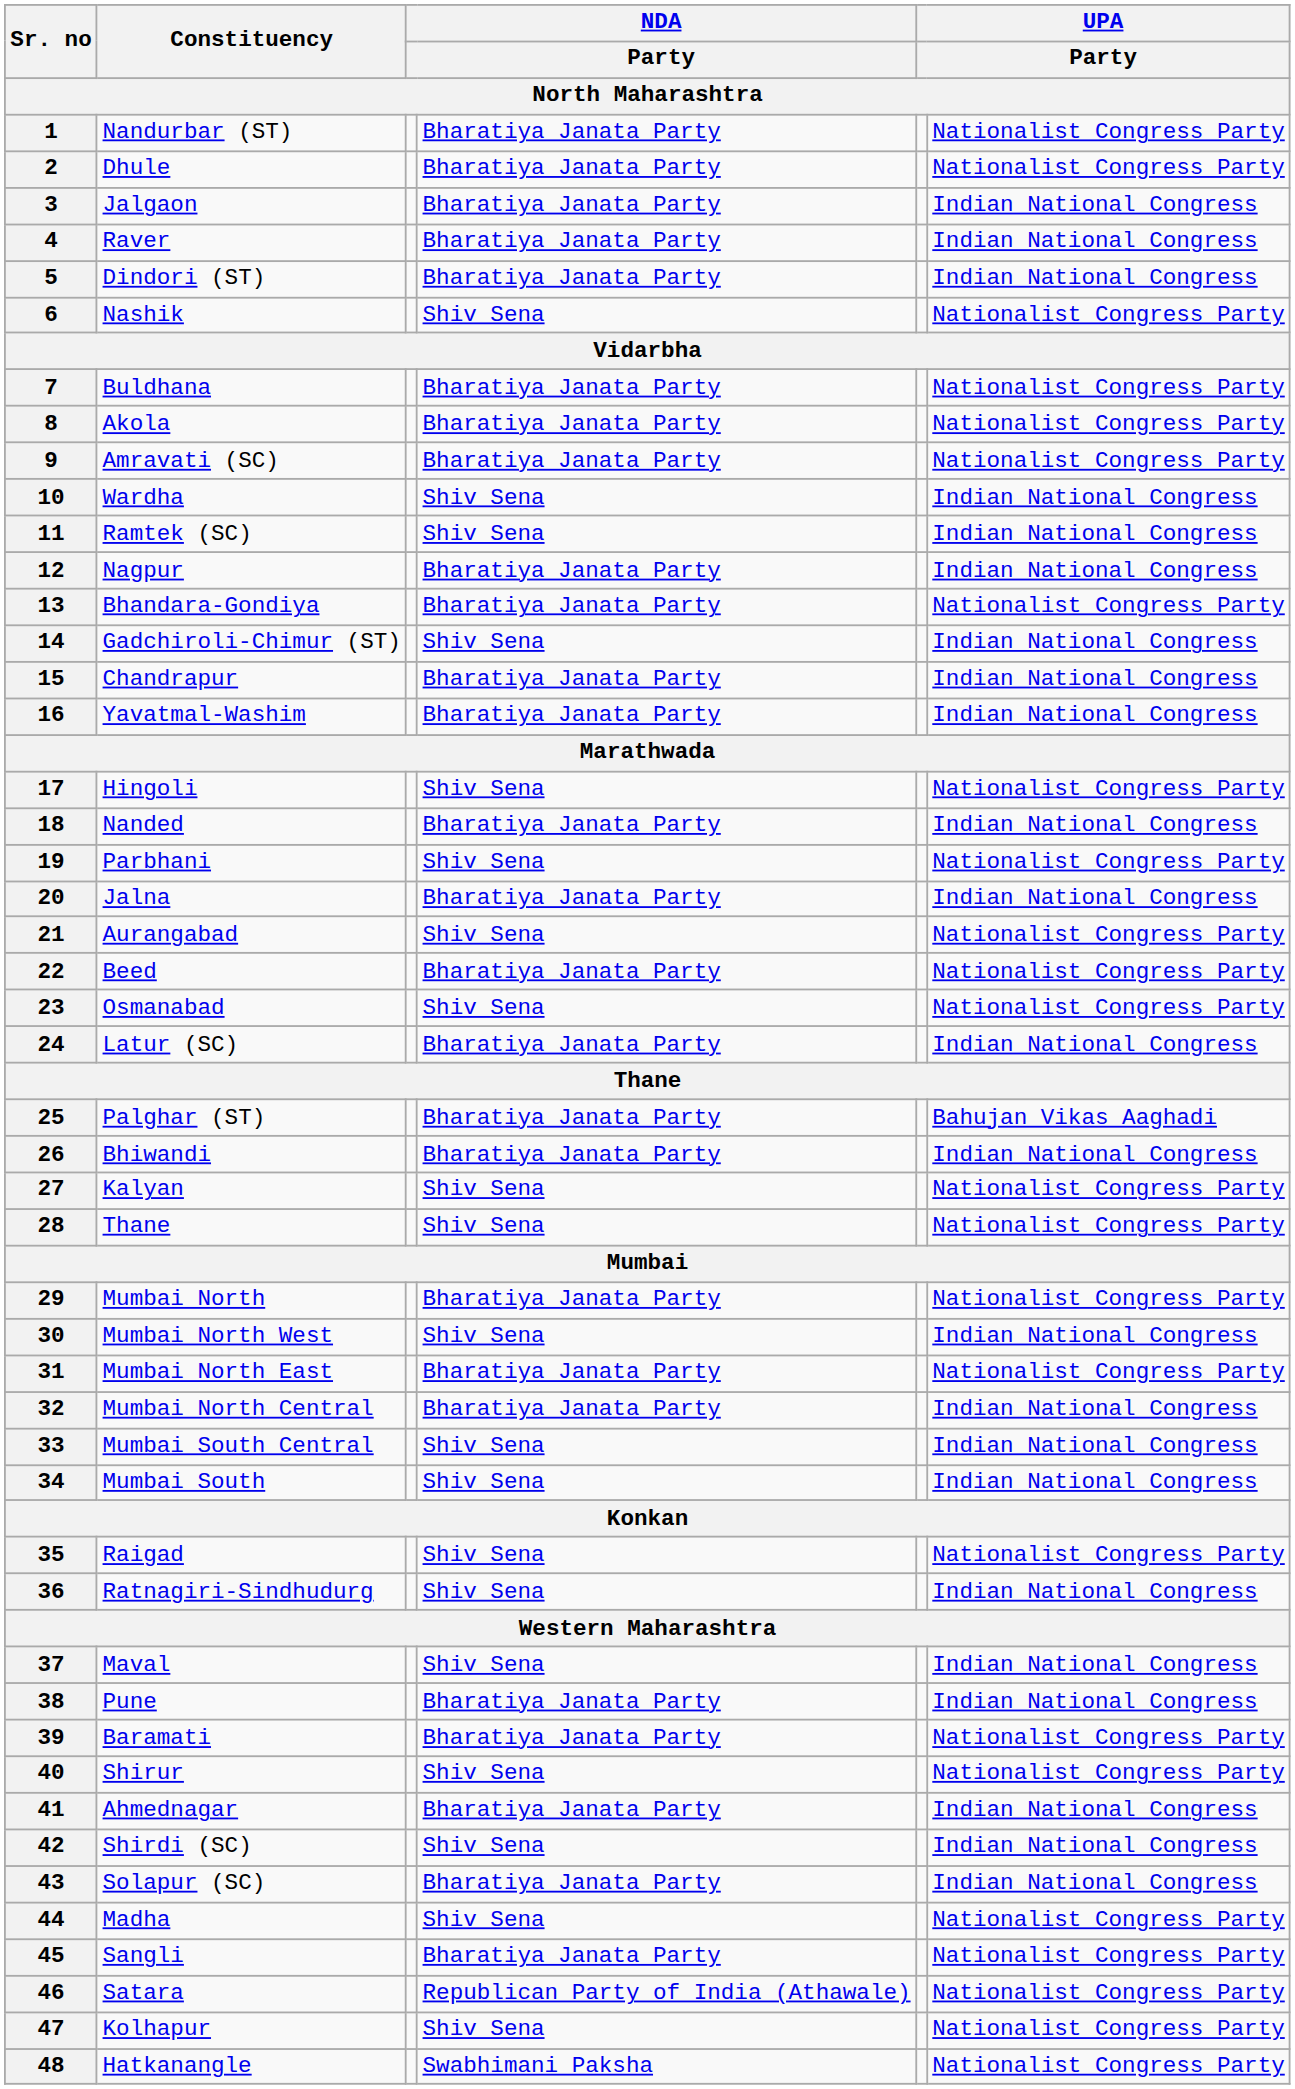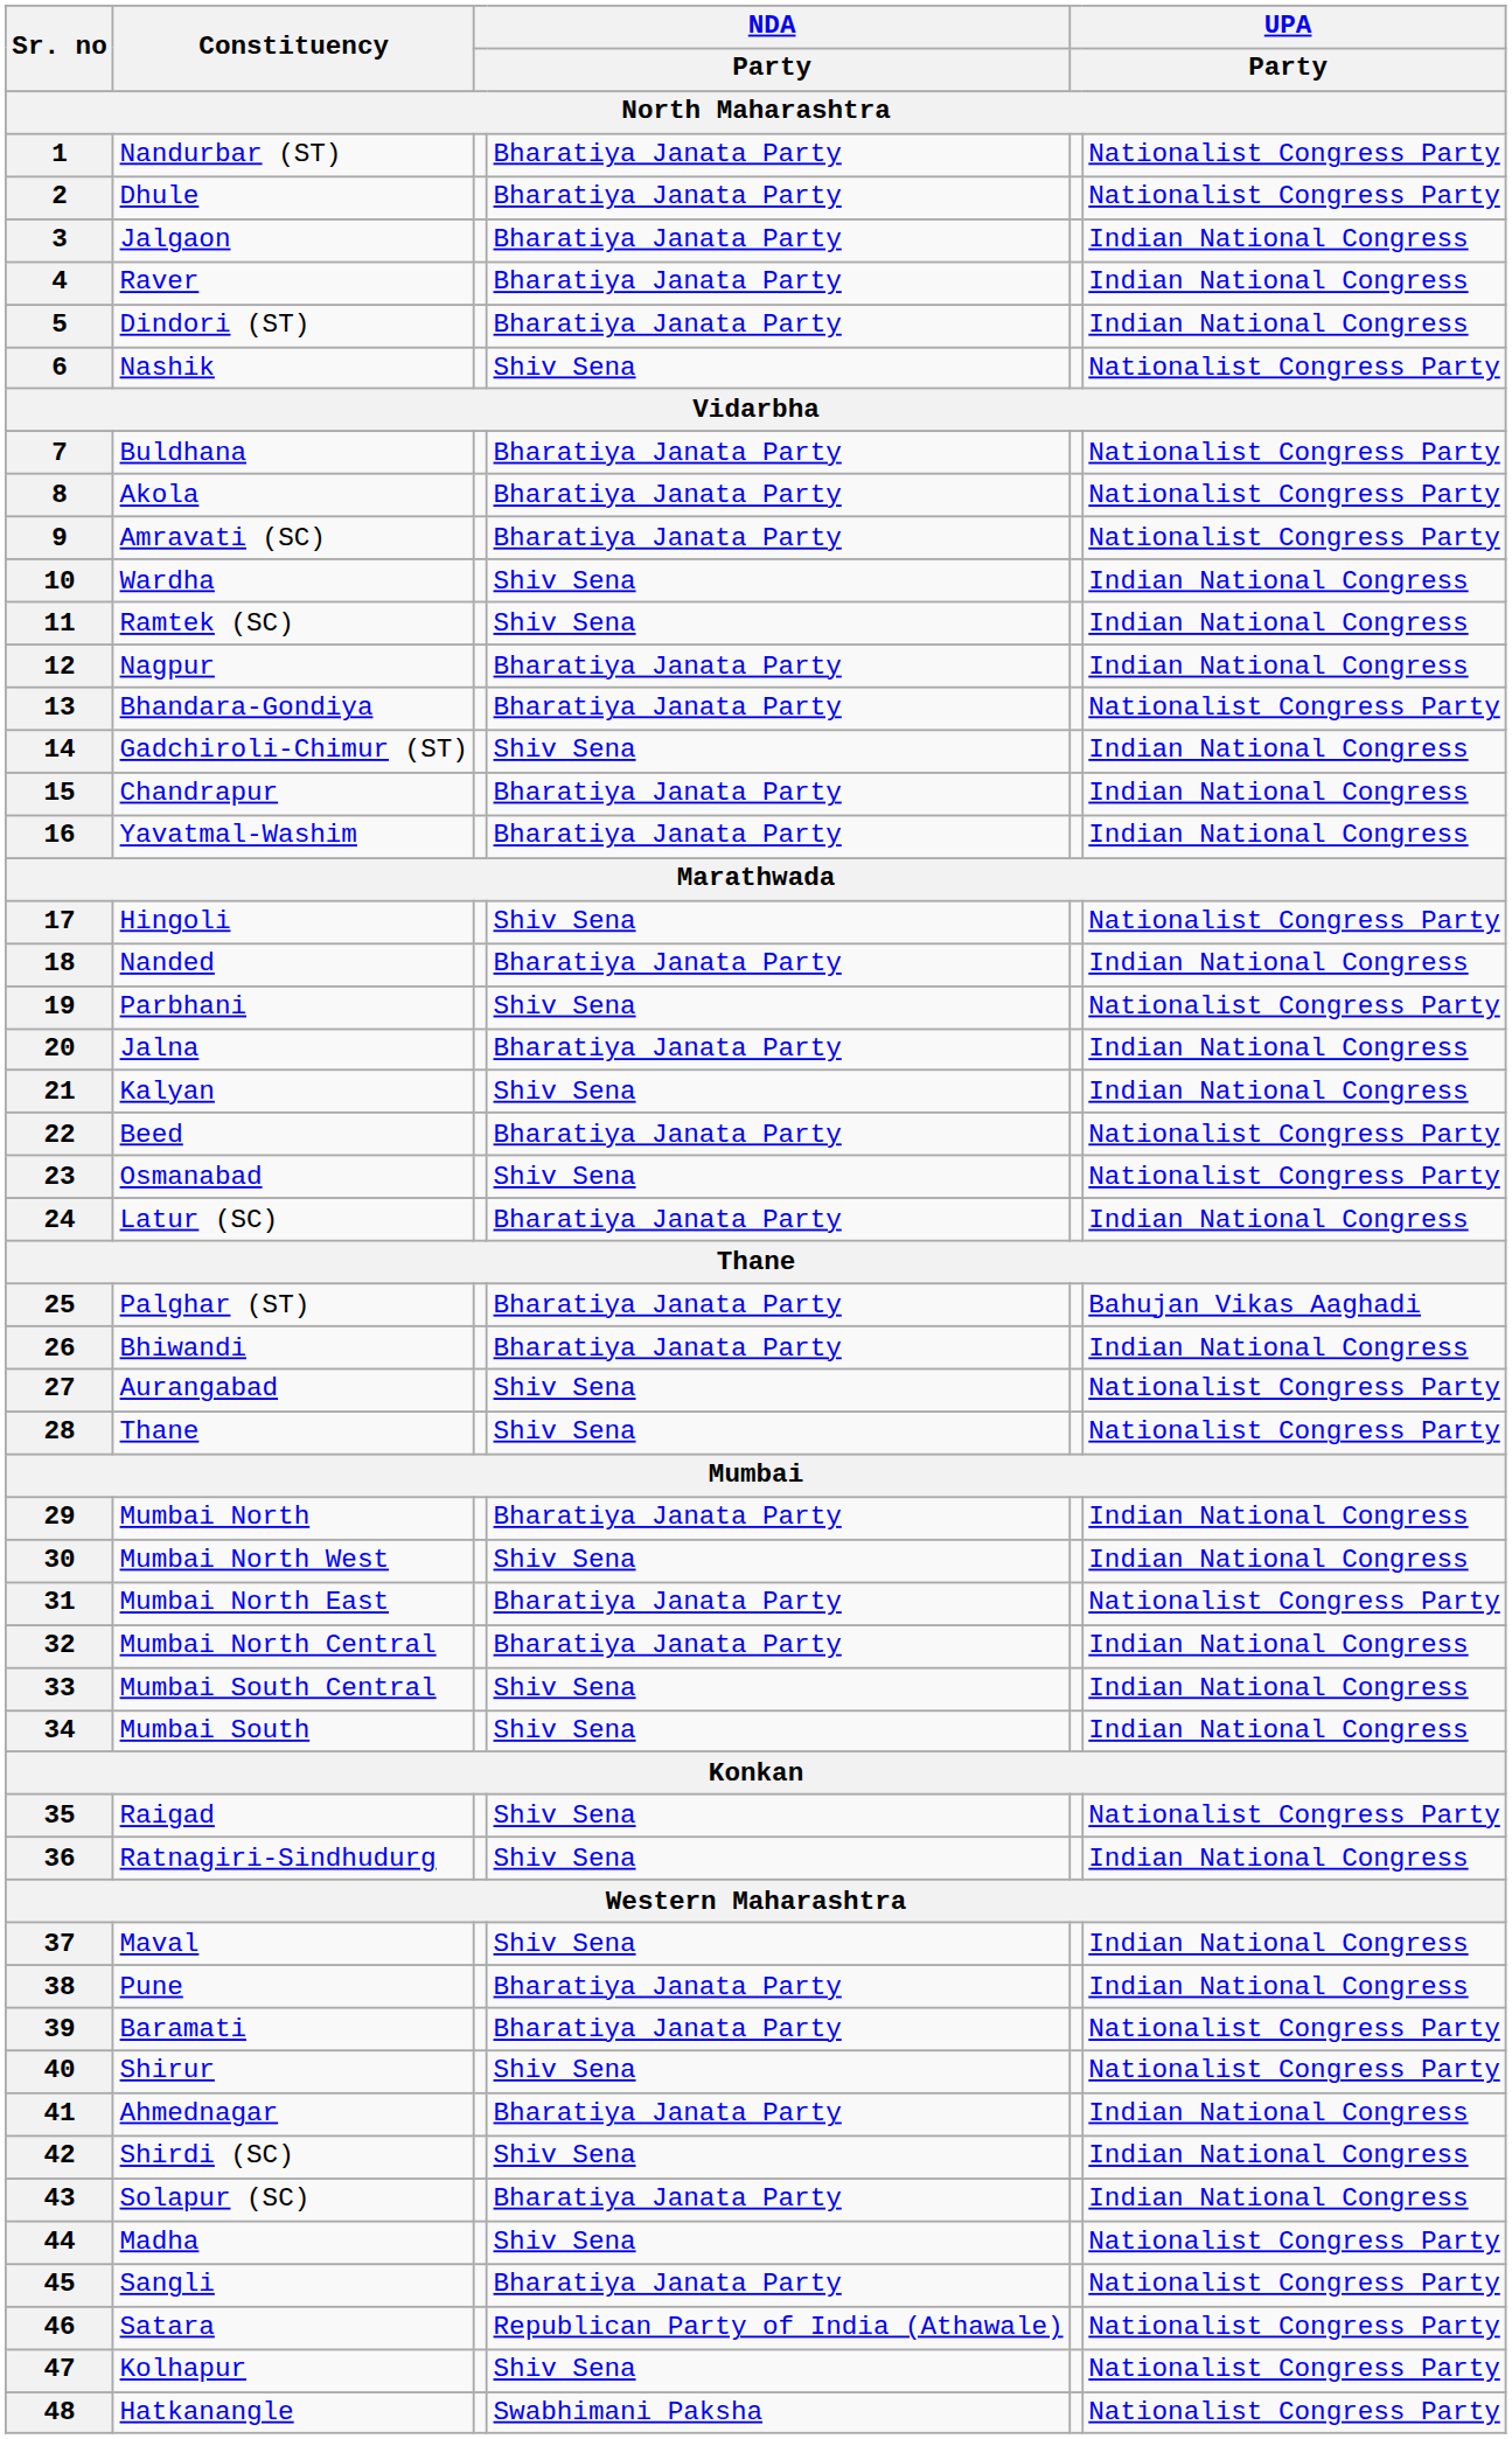 <table class="sortable wikitable" style="font-size: 95%;">
 <tr>
 <th rowspan="2">Sr. no</th>
 <th rowspan="2">Constituency</th>
 <th colspan="2"><a href='#'>NDA</a></th>
 <th colspan="2"><a href='#'>UPA</a></th>
 </tr>
 <tr>
 <th colspan="2">Party</th>
 <th colspan="2">Party</th>
 </tr>
 <tr>
 <th colspan="6">North Maharashtra</th>
 </tr>
 <tr>
 <th>1</th>
 <td><a href='#'>Nandurbar</a> (ST)</td>
 <td style="background-color:"></td>
 <td><a href='#'>Bharatiya Janata Party</a></td>
 <td style="background-color: "></td>
 <td><a href='#'>Nationalist Congress Party</a></td>
 </tr>
 <tr>
 <th>2</th>
 <td><a href='#'>Dhule</a></td>
 <td style="background-color:"></td>
 <td><a href='#'>Bharatiya Janata Party</a></td>
 <td style="background-color: "></td>
 <td><a href='#'>Nationalist Congress Party</a></td>
 </tr>
 <tr>
 <th>3</th>
 <td><a href='#'>Jalgaon</a></td>
 <td style="background-color:"></td>
 <td><a href='#'>Bharatiya Janata Party</a></td>
 <td style="background-color: "></td>
 <td><a href='#'>Indian National Congress</a></td>
 </tr>
 <tr>
 <th>4</th>
 <td><a href='#'>Raver</a></td>
 <td style="background-color:"></td>
 <td><a href='#'>Bharatiya Janata Party</a></td>
 <td style="background-color: "></td>
 <td><a href='#'>Indian National Congress</a></td>
 </tr>
 <tr>
 <th>5</th>
 <td><a href='#'>Dindori</a> (ST)</td>
 <td style="background-color:"></td>
 <td><a href='#'>Bharatiya Janata Party</a></td>
 <td style="background-color: "></td>
 <td><a href='#'>Indian National Congress</a></td>
 </tr>
 <tr>
 <th>6</th>
 <td><a href='#'>Nashik</a></td>
 <td style="background-color: "></td>
 <td><a href='#'>Shiv Sena</a></td>
 <td style="background-color: "></td>
 <td><a href='#'>Nationalist Congress Party</a></td>
 </tr>
 <tr>
 <th colspan="6">Vidarbha</th>
 </tr>
 <tr>
 <th>7</th>
 <td><a href='#'>Buldhana</a></td>
 <td style="background-color: "></td>
 <td><a href='#'>Bharatiya Janata Party</a></td>
 <td style="background-color: "></td>
 <td><a href='#'>Nationalist Congress Party</a></td>
 </tr>
 <tr>
 <th>8</th>
 <td><a href='#'>Akola</a></td>
 <td style="background-color:"></td>
 <td><a href='#'>Bharatiya Janata Party</a></td>
 <td style="background-color: "></td>
 <td><a href='#'>Nationalist Congress Party</a></td>
 </tr>
 <tr>
 <th>9</th>
 <td><a href='#'>Amravati</a> (SC)</td>
 <td style="background-color: "></td>
 <td><a href='#'>Bharatiya Janata Party</a></td>
 <td style="background-color: "></td>
 <td><a href='#'>Nationalist Congress Party</a></td>
 </tr>
 <tr>
 <th>10</th>
 <td><a href='#'>Wardha</a></td>
 <td style="background-color:"></td>
 <td><a href='#'>Shiv Sena</a></td>
 <td style="background-color: "></td>
 <td><a href='#'>Indian National Congress</a></td>
 </tr>
 <tr>
 <th>11</th>
 <td><a href='#'>Ramtek</a> (SC)</td>
 <td style="background-color: "></td>
 <td><a href='#'>Shiv Sena</a></td>
 <td style="background-color: "></td>
 <td><a href='#'>Indian National Congress</a></td>
 </tr>
 <tr>
 <th>12</th>
 <td><a href='#'>Nagpur</a></td>
 <td style="background-color:"></td>
 <td><a href='#'>Bharatiya Janata Party</a></td>
 <td style="background-color: "></td>
 <td><a href='#'>Indian National Congress</a></td>
 </tr>
 <tr>
 <th>13</th>
 <td><a href='#'>Bhandara-Gondiya</a></td>
 <td style="background-color:"></td>
 <td><a href='#'>Bharatiya Janata Party</a></td>
 <td style="background-color: "></td>
 <td><a href='#'>Nationalist Congress Party</a></td>
 </tr>
 <tr>
 <th>14</th>
 <td><a href='#'>Gadchiroli-Chimur</a> (ST)</td>
 <td style="background-color:"></td>
 <td><a href='#'>Shiv Sena</a></td>
 <td style="background-color: "></td>
 <td><a href='#'>Indian National Congress</a></td>
 </tr>
 <tr>
 <th>15</th>
 <td><a href='#'>Chandrapur</a></td>
 <td style="background-color:"></td>
 <td><a href='#'>Bharatiya Janata Party</a></td>
 <td style="background-color: "></td>
 <td><a href='#'>Indian National Congress</a></td>
 </tr>
 <tr>
 <th>16</th>
 <td><a href='#'>Yavatmal-Washim</a></td>
 <td style="background-color: "></td>
 <td><a href='#'>Bharatiya Janata Party</a></td>
 <td style="background-color: "></td>
 <td><a href='#'>Indian National Congress</a></td>
 </tr>
 <tr>
 <th colspan="6">Marathwada</th>
 </tr>
 <tr>
 <th>17</th>
 <td><a href='#'>Hingoli</a></td>
 <td style="background-color: "></td>
 <td><a href='#'>Shiv Sena</a></td>
 <td style="background-color: "></td>
 <td><a href='#'>Nationalist Congress Party</a></td>
 </tr>
 <tr>
 <th>18</th>
 <td><a href='#'>Nanded</a></td>
 <td style="background-color:"></td>
 <td><a href='#'>Bharatiya Janata Party</a></td>
 <td style="background-color: "></td>
 <td><a href='#'>Indian National Congress</a></td>
 </tr>
 <tr>
 <th>19</th>
 <td><a href='#'>Parbhani</a></td>
 <td style="background-color: "></td>
 <td><a href='#'>Shiv Sena</a></td>
 <td style="background-color: "></td>
 <td><a href='#'>Nationalist Congress Party</a></td>
 </tr>
 <tr>
 <th>20</th>
 <td><a href='#'>Jalna</a></td>
 <td style="background-color:"></td>
 <td><a href='#'>Bharatiya Janata Party</a></td>
 <td style="background-color: "></td>
 <td><a href='#'>Indian National Congress</a></td>
 </tr>
 <tr>
 <th>21</th>
-<td><a href='#'>Aurangabad</a></td>
+<td><a href='#'>Kalyan</a></td>
 <td style="background-color: "></td>
 <td><a href='#'>Shiv Sena</a></td>
 <td style="background-color: "></td>
-<td><a href='#'>Nationalist Congress Party</a></td>
+<td><a href='#'>Indian National Congress</a></td>
 </tr>
 <tr>
 <th>22</th>
 <td><a href='#'>Beed</a></td>
 <td style="background-color:"></td>
 <td><a href='#'>Bharatiya Janata Party</a></td>
 <td style="background-color: "></td>
 <td><a href='#'>Nationalist Congress Party</a></td>
 </tr>
 <tr>
 <th>23</th>
 <td><a href='#'>Osmanabad</a></td>
 <td style="background-color: "></td>
 <td><a href='#'>Shiv Sena</a></td>
 <td style="background-color: "></td>
 <td><a href='#'>Nationalist Congress Party</a></td>
 </tr>
 <tr>
 <th>24</th>
 <td><a href='#'>Latur</a> (SC)</td>
 <td style="background-color:"></td>
 <td><a href='#'>Bharatiya Janata Party</a></td>
 <td style="background-color: "></td>
 <td><a href='#'>Indian National Congress</a></td>
 </tr>
 <tr>
 <th colspan="6">Thane</th>
 </tr>
 <tr>
 <th>25</th>
 <td><a href='#'>Palghar</a> (ST)</td>
 <td style="background-color:"></td>
 <td><a href='#'>Bharatiya Janata Party</a></td>
 <td style="background-color: "></td>
 <td><a href='#'>Bahujan Vikas Aaghadi</a></td>
 </tr>
 <tr>
 <th>26</th>
 <td><a href='#'>Bhiwandi</a></td>
 <td style="background-color:"></td>
 <td><a href='#'>Bharatiya Janata Party</a></td>
 <td style="background-color: "></td>
 <td><a href='#'>Indian National Congress</a></td>
 </tr>
 <tr>
 <th>27</th>
-<td><a href='#'>Kalyan</a></td>
+<td><a href='#'>Aurangabad</a></td>
 <td style="background-color: "></td>
 <td><a href='#'>Shiv Sena</a></td>
 <td style="background-color: "></td>
 <td><a href='#'>Nationalist Congress Party</a></td>
 </tr>
 <tr>
 <th>28</th>
 <td><a href='#'>Thane</a></td>
 <td style="background-color: "></td>
 <td><a href='#'>Shiv Sena</a></td>
 <td style="background-color: "></td>
 <td><a href='#'>Nationalist Congress Party</a></td>
 </tr>
 <tr>
 <th colspan="6">Mumbai</th>
 </tr>
 <tr>
 <th>29</th>
 <td><a href='#'>Mumbai North</a></td>
 <td style="background-color:"></td>
 <td><a href='#'>Bharatiya Janata Party</a></td>
 <td style="background-color: "></td>
-<td><a href='#'>Nationalist Congress Party</a></td>
+<td><a href='#'>Indian National Congress</a></td>
 </tr>
 <tr>
 <th>30</th>
 <td><a href='#'>Mumbai North West</a></td>
 <td style="background-color: "></td>
 <td><a href='#'>Shiv Sena</a></td>
 <td style="background-color: "></td>
 <td><a href='#'>Indian National Congress</a></td>
 </tr>
 <tr>
 <th>31</th>
 <td><a href='#'>Mumbai North East</a></td>
 <td style="background-color:"></td>
 <td><a href='#'>Bharatiya Janata Party</a></td>
 <td style="background-color: "></td>
 <td><a href='#'>Nationalist Congress Party</a></td>
 </tr>
 <tr>
 <th>32</th>
 <td><a href='#'>Mumbai North Central</a></td>
 <td style="background-color:"></td>
 <td><a href='#'>Bharatiya Janata Party</a></td>
 <td style="background-color: "></td>
 <td><a href='#'>Indian National Congress</a></td>
 </tr>
 <tr>
 <th>33</th>
 <td><a href='#'>Mumbai South Central</a></td>
 <td style="background-color: "></td>
 <td><a href='#'>Shiv Sena</a></td>
 <td style="background-color: "></td>
 <td><a href='#'>Indian National Congress</a></td>
 </tr>
 <tr>
 <th>34</th>
 <td><a href='#'>Mumbai South</a></td>
 <td style="background-color: "></td>
 <td><a href='#'>Shiv Sena</a></td>
 <td style="background-color: "></td>
 <td><a href='#'>Indian National Congress</a></td>
 </tr>
 <tr>
 <th colspan="6">Konkan</th>
 </tr>
 <tr>
 <th>35</th>
 <td><a href='#'>Raigad</a></td>
 <td style="background-color: "></td>
 <td><a href='#'>Shiv Sena</a></td>
 <td style="background-color: "></td>
 <td><a href='#'>Nationalist Congress Party</a></td>
 </tr>
 <tr>
 <th>36</th>
 <td><a href='#'>Ratnagiri-Sindhudurg</a></td>
 <td style="background-color: "></td>
 <td><a href='#'>Shiv Sena</a></td>
 <td style="background-color: "></td>
 <td><a href='#'>Indian National Congress</a></td>
 </tr>
 <tr>
 <th colspan="6">Western Maharashtra</th>
 </tr>
 <tr>
 <th>37</th>
 <td><a href='#'>Maval</a></td>
 <td style="background-color: "></td>
 <td><a href='#'>Shiv Sena</a></td>
 <td style="background-color: "></td>
 <td><a href='#'>Indian National Congress</a></td>
 </tr>
 <tr>
 <th>38</th>
 <td><a href='#'>Pune</a></td>
 <td style="background-color:"></td>
 <td><a href='#'>Bharatiya Janata Party</a></td>
 <td style="background-color: "></td>
 <td><a href='#'>Indian National Congress</a></td>
 </tr>
 <tr>
 <th>39</th>
 <td><a href='#'>Baramati</a></td>
 <td style="background-color: "></td>
 <td><a href='#'>Bharatiya Janata Party</a></td>
 <td style="background-color: "></td>
 <td><a href='#'>Nationalist Congress Party</a></td>
 </tr>
 <tr>
 <th>40</th>
 <td><a href='#'>Shirur</a></td>
 <td style="background-color: "></td>
 <td><a href='#'>Shiv Sena</a></td>
 <td style="background-color: "></td>
 <td><a href='#'>Nationalist Congress Party</a></td>
 </tr>
 <tr>
 <th>41</th>
 <td><a href='#'>Ahmednagar</a></td>
 <td style="background-color:"></td>
 <td><a href='#'>Bharatiya Janata Party</a></td>
 <td style="background-color: "></td>
 <td><a href='#'>Indian National Congress</a></td>
 </tr>
 <tr>
 <th>42</th>
 <td><a href='#'>Shirdi</a> (SC)</td>
 <td style="background-color: "></td>
 <td><a href='#'>Shiv Sena</a></td>
 <td style="background-color: "></td>
 <td><a href='#'>Indian National Congress</a></td>
 </tr>
 <tr>
 <th>43</th>
 <td><a href='#'>Solapur</a> (SC)</td>
 <td style="background-color:"></td>
 <td><a href='#'>Bharatiya Janata Party</a></td>
 <td style="background-color: "></td>
 <td><a href='#'>Indian National Congress</a></td>
 </tr>
 <tr>
 <th>44</th>
 <td><a href='#'>Madha</a></td>
 <td style="background-color: "></td>
 <td><a href='#'>Shiv Sena</a></td>
 <td style="background-color: "></td>
 <td><a href='#'>Nationalist Congress Party</a></td>
 </tr>
 <tr>
 <th>45</th>
 <td><a href='#'>Sangli</a></td>
 <td style="background-color:"></td>
 <td><a href='#'>Bharatiya Janata Party</a></td>
 <td style="background-color: "></td>
 <td><a href='#'>Nationalist Congress Party</a></td>
 </tr>
 <tr>
 <th>46</th>
 <td><a href='#'>Satara</a></td>
 <td style="background-color: "></td>
 <td><a href='#'>Republican Party of India (Athawale)</a></td>
 <td style="background-color: "></td>
 <td><a href='#'>Nationalist Congress Party</a></td>
 </tr>
 <tr>
 <th>47</th>
 <td><a href='#'>Kolhapur</a></td>
 <td style="background-color: "></td>
 <td><a href='#'>Shiv Sena</a></td>
 <td style="background-color: "></td>
 <td><a href='#'>Nationalist Congress Party</a></td>
 </tr>
 <tr>
 <th>48</th>
 <td><a href='#'>Hatkanangle</a></td>
 <td style="background-color: "></td>
 <td><a href='#'>Swabhimani Paksha</a></td>
 <td style="background-color: "></td>
 <td><a href='#'>Nationalist Congress Party</a></td>
 </tr>
 </table>
